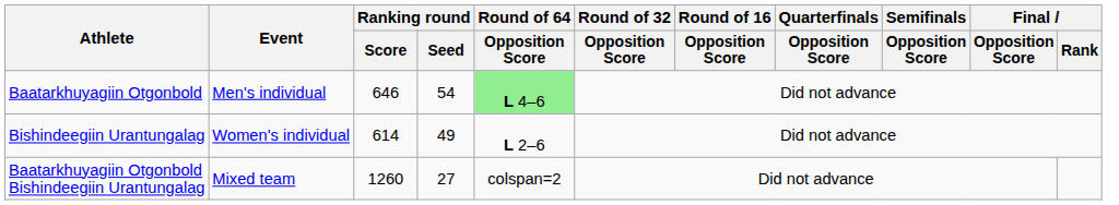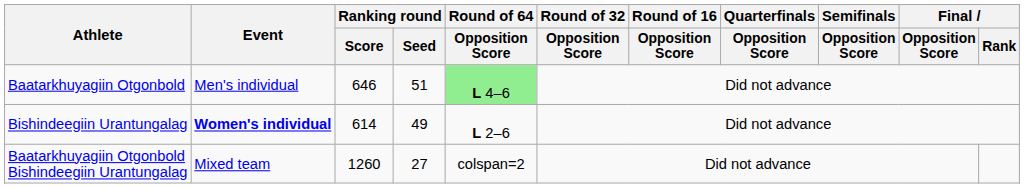 <table class="wikitable" style="font-size:90%">
 <tr>
 <th rowspan=2>Athlete</th>
 <th rowspan=2>Event</th>
 <th colspan="2">Ranking round</th>
 <th>Round of 64</th>
 <th>Round of 32</th>
 <th>Round of 16</th>
 <th>Quarterfinals</th>
 <th>Semifinals</th>
 <th colspan="2">Final / </th>
 </tr>
 <tr style="font-size:95%">
 <th>Score</th>
 <th>Seed</th>
 <th>Opposition<br>Score</th>
 <th>Opposition<br>Score</th>
 <th>Opposition<br>Score</th>
 <th>Opposition<br>Score</th>
 <th>Opposition<br>Score</th>
 <th>Opposition<br>Score</th>
 <th>Rank</th>
 </tr>
 <tr align=center>
 <td align=left><a href='#'>Baatarkhuyagiin Otgonbold</a></td>
 <td align=left><a href='#'>Men's individual</a></td>
 <td>646</td>
-<td>54</td>
+<td>51</td>
 <td style="background: lightgreen;"><br><strong>L</strong> 4–6</td>
 <td colspan=6>Did not advance</td>
 </tr>
 <tr align=center>
 <td align=left><a href='#'>Bishindeegiin Urantungalag</a></td>
-<td align=left><a href='#'>Women's individual</a></td>
+<td align=left><strong><a href='#'>Women's individual</a></strong></td>
 <td>614</td>
 <td>49</td>
 <td><br><strong>L</strong> 2–6</td>
 <td colspan=6>Did not advance</td>
 </tr>
 <tr align=center>
 <td align=left><a href='#'>Baatarkhuyagiin Otgonbold</a><br><a href='#'>Bishindeegiin Urantungalag</a></td>
 <td align=left><a href='#'>Mixed team</a></td>
 <td>1260</td>
 <td>27</td>
 <td>colspan=2 </td>
 <td colspan=5>Did not advance</td>
 </tr>
 </table>
